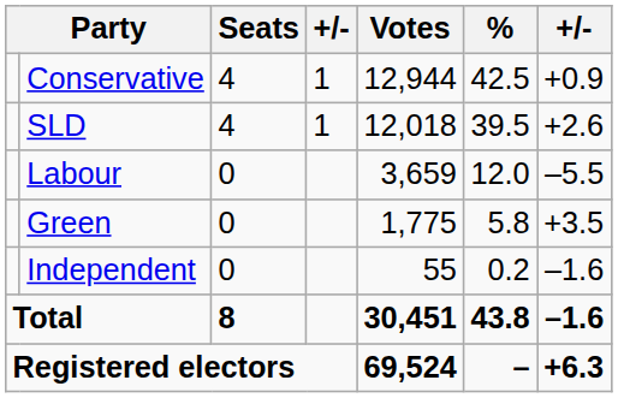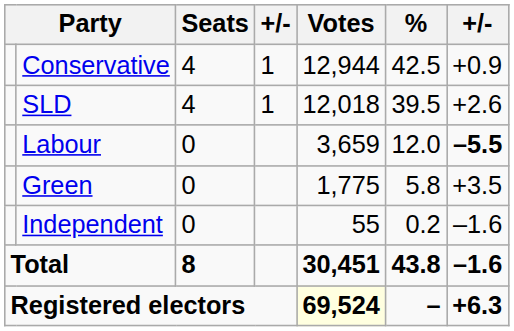 <table class="wikitable sortable">
 <tr>
 <th colspan="2">Party</th>
 <th>Seats</th>
 <th>+/-</th>
 <th>Votes</th>
 <th>%</th>
 <th>+/-</th>
 </tr>
 <tr>
 <td style="background-color: "></td>
 <td><a href='#'>Conservative</a></td>
 <td>4</td>
 <td> 1</td>
 <td style="text-align:right;">12,944</td>
 <td style="text-align:right;">42.5</td>
 <td style="text-align:right;">+0.9</td>
 </tr>
 <tr>
 <td style="background-color: "></td>
 <td><a href='#'>SLD</a></td>
 <td>4</td>
 <td> 1</td>
 <td style="text-align:right;">12,018</td>
 <td style="text-align:right;">39.5</td>
 <td style="text-align:right;">+2.6</td>
 </tr>
 <tr>
 <td style="background-color: "></td>
 <td><a href='#'>Labour</a></td>
 <td>0</td>
 <td></td>
 <td style="text-align:right;">3,659</td>
 <td style="text-align:right;">12.0</td>
-<td style="text-align:right;">–5.5</td>
+<td style="text-align:right;"><strong>–5.5</strong></td>
 </tr>
 <tr>
 <td style="background-color: "></td>
 <td><a href='#'>Green</a></td>
 <td>0</td>
 <td></td>
 <td style="text-align:right;">1,775</td>
 <td style="text-align:right;">5.8</td>
 <td style="text-align:right;">+3.5</td>
 </tr>
 <tr>
 <td style="background-color: "></td>
 <td><a href='#'>Independent</a></td>
 <td>0</td>
 <td></td>
 <td style="text-align:right;">55</td>
 <td style="text-align:right;">0.2</td>
 <td style="text-align:right;">–1.6</td>
 </tr>
 <tr>
 <td colspan="2"><strong>Total</strong></td>
 <td><strong>8</strong></td>
 <td></td>
 <td style="text-align:right;"><strong>30,451</strong></td>
 <td style="text-align:right;"><strong>43.8</strong></td>
 <td style="text-align:right;"><strong>–1.6</strong></td>
 </tr>
 <tr>
 <td colspan="4"><strong>Registered electors</strong></td>
-<td style="text-align:right;"><strong>69,524</strong></td>
+<td style="background: lightyellow; text-align:right;"><strong>69,524</strong></td>
 <td style="text-align:right;"><strong>–</strong></td>
 <td style="text-align:right;"><strong>+6.3</strong></td>
 </tr>
 </table>
